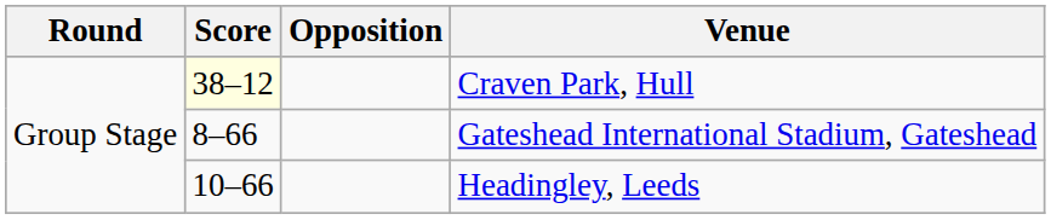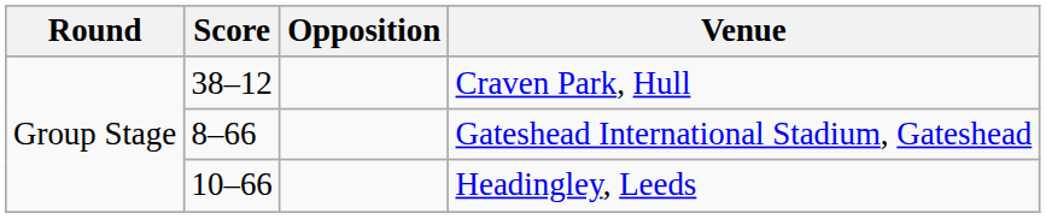 <table class="wikitable">
 <tr>
 <th>Round</th>
 <th>Score</th>
 <th>Opposition</th>
 <th>Venue</th>
 </tr>
 <tr>
 <td rowspan="3">Group Stage</td>
-<td style="background: lightyellow;">38–12</td>
+<td>38–12</td>
 <td></td>
 <td><a href='#'>Craven Park</a>, <a href='#'>Hull</a></td>
 </tr>
 <tr>
 <td>8–66</td>
 <td></td>
 <td><a href='#'>Gateshead International Stadium</a>, <a href='#'>Gateshead</a></td>
 </tr>
 <tr>
 <td>10–66</td>
 <td></td>
 <td><a href='#'>Headingley</a>, <a href='#'>Leeds</a></td>
 </tr>
 </table>
